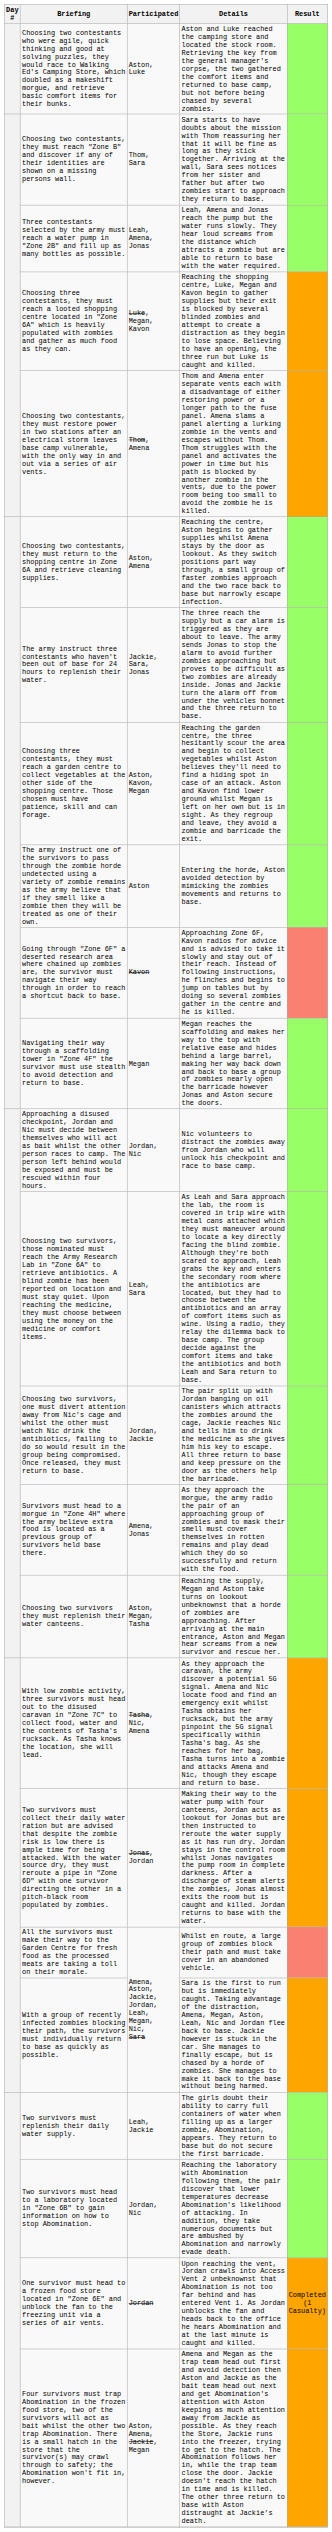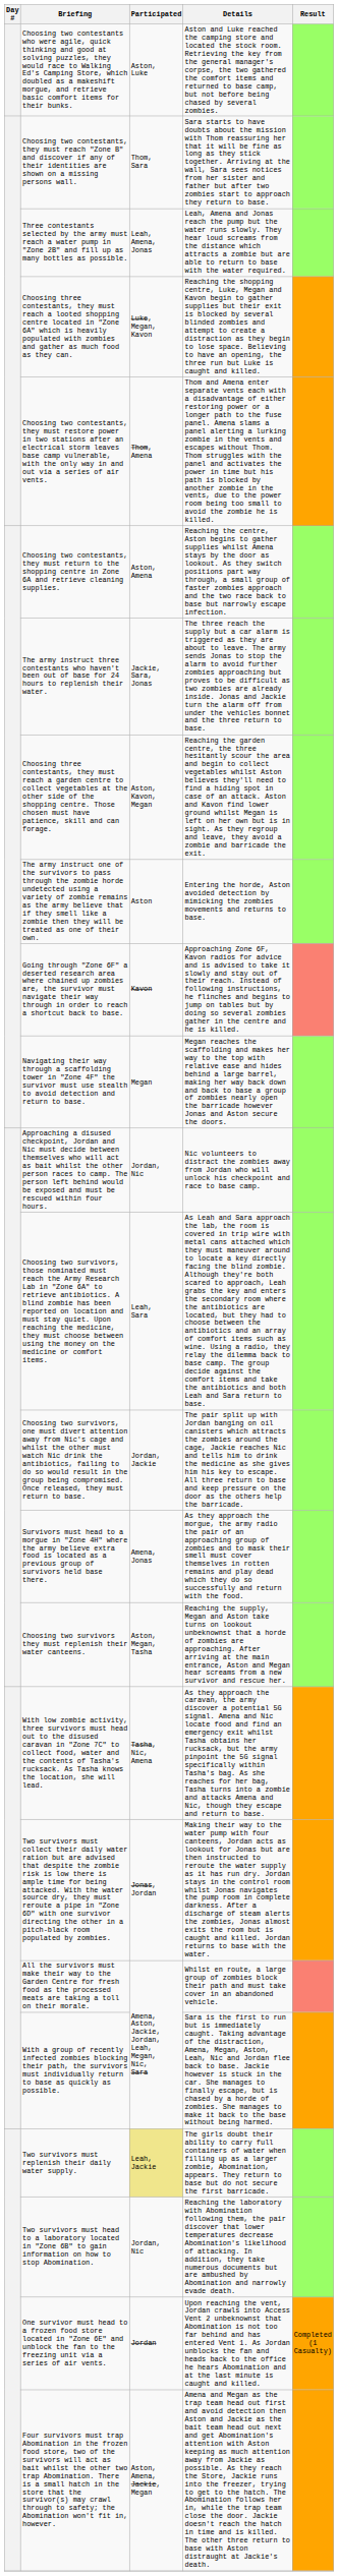 <table class="wikitable">
 <tr>
 <th style="width:5%">Day #</th>
 <th style="width:35%">Briefing</th>
 <th style="width:5%">Participated</th>
 <th style="width:35%">Details</th>
 <th style="width:5%">Result</th>
 </tr>
 <tr>
 <th></th>
 <td>Choosing two contestants who were agile, quick thinking and good at solving puzzles, they would race to Walking Ed's Camping Store, which doubled as a makeshift morgue, and retrieve basic comfort items for their bunks.</td>
 <td>Aston,<br>Luke</td>
 <td>Aston and Luke reached the camping store and located the stock room. Retrieving the key from the general manager's corpse, the two gathered the comfort items and returned to base camp, but not before being chased by several zombies.</td>
 <td style="background:#9f6;"></td>
 </tr>
 <tr>
 <th rowspan=4></th>
 <td>Choosing two contestants, they must reach "Zone B" and discover if any of their identities are shown on a missing persons wall.</td>
 <td>Thom,<br>Sara</td>
 <td>Sara starts to have doubts about the mission with Thom reassuring her that it will be fine as long as they stick together. Arriving at the wall, Sara sees notices from her sister and father but after two zombies start to approach they return to base.</td>
 <td style="background:#9f6;"></td>
 </tr>
 <tr>
 <td>Three contestants selected by the army must reach a water pump in "Zone 2B" and fill up as many bottles as possible.</td>
 <td>Leah,<br>Amena,<br>Jonas</td>
 <td>Leah, Amena and Jonas reach the pump but the water runs slowly. They hear loud screams from the distance which attracts a zombie but are able to return to base with the water required.</td>
 <td style="background:#9f6;"></td>
 </tr>
 <tr>
 <td>Choosing three contestants, they must reach a looted shopping centre located in "Zone 6A" which is heavily populated with zombies and gather as much food as they can.</td>
 <td><s>Luke</s>,<br> Megan,<br>Kavon</td>
 <td>Reaching the shopping centre, Luke, Megan and Kavon begin to gather supplies but their exit is blocked by several blinded zombies and attempt to create a distraction as they begin to lose space. Believing to have an opening, the three run but Luke is caught and killed.</td>
 <td style="background:orange;"></td>
 </tr>
 <tr>
 <td>Choosing two contestants, they must restore power in two stations after an electrical storm leaves base camp vulnerable, with the only way in and out via a series of air vents.</td>
 <td><s>Thom</s>,<br>Amena</td>
 <td>Thom and Amena enter separate vents each with a disadvantage of either restoring power or a longer path to the fuse panel. Amena slams a panel alerting a lurking zombie in the vents and escapes without Thom. Thom struggles with the panel and activates the power in time but his path is blocked by another zombie in the vents, due to the power room being too small to avoid the zombie he is killed.</td>
 <td style="background:orange;"></td>
 </tr>
 <tr>
 <th rowspan=6></th>
 <td>Choosing two contestants, they must return to the shopping centre in Zone 6A and retrieve cleaning supplies.</td>
 <td>Aston,<br>Amena</td>
 <td>Reaching the centre, Aston begins to gather supplies whilst Amena stays by the door as lookout. As they switch positions part way through, a small group of faster zombies approach and the two race back to base but narrowly escape infection.</td>
 <td style="background:#9f6;"></td>
 </tr>
 <tr>
 <td>The army instruct three contestants who haven't been out of base for 24 hours to replenish their water.</td>
 <td>Jackie,<br>Sara,<br>Jonas</td>
 <td>The three reach the supply but a car alarm is triggered as they are about to leave. The army sends Jonas to stop the alarm to avoid further zombies approaching but proves to be difficult as two zombies are already inside. Jonas and Jackie turn the alarm off from under the vehicles bonnet and the three return to base.</td>
 <td style="background:#9f6;"></td>
 </tr>
 <tr>
 <td>Choosing three contestants, they must reach a garden centre to collect vegetables at the other side of the shopping centre. Those chosen must have patience, skill and can forage.</td>
 <td>Aston,<br> Kavon,<br> Megan</td>
 <td>Reaching the garden centre, the three hesitantly scour the area and begin to collect vegetables whilst Aston believes they'll need to find a hiding spot in case of an attack. Aston and Kavon find lower ground whilst Megan is left on her own but is in sight. As they regroup and leave, they avoid a zombie and barricade the exit.</td>
 <td style="background:#9f6;"></td>
 </tr>
 <tr>
 <td>The army instruct one of the survivors to pass through the zombie horde undetected using a variety of zombie remains as the army believe that if they smell like a zombie then they will be treated as one of their own.</td>
 <td>Aston</td>
 <td>Entering the horde, Aston avoided detection by mimicking the zombies movements and returns to base.</td>
 <td style="background:#9f6;"></td>
 </tr>
 <tr>
 <td>Going through "Zone 6F" a deserted research area where chained up zombies are, the survivor must navigate their way through in order to reach a shortcut back to base.</td>
 <td><s>Kavon</s></td>
 <td>Approaching Zone 6F, Kavon radios for advice and is advised to take it slowly and stay out of their reach. Instead of following instructions, he flinches and begins to jump on tables but by doing so several zombies gather in the centre and he is killed.</td>
 <td style="background:salmon;"></td>
 </tr>
 <tr>
 <td>Navigating their way through a scaffolding tower in "Zone 4F" the survivor must use stealth to avoid detection and return to base.</td>
 <td>Megan</td>
 <td>Megan reaches the scaffolding and makes her way to the top with relative ease and hides behind a large barrel, making her way back down and back to base a group of zombies nearly open the barricade however Jonas and Aston secure the doors.</td>
 <td style="background:#9f6;"></td>
 </tr>
 <tr>
 <th rowspan=5></th>
 <td>Approaching a disused checkpoint, Jordan and Nic must decide between themselves who will act as bait whilst the other person races to camp. The person left behind would be exposed and must be rescued within four hours.</td>
 <td>Jordan,<br>Nic</td>
 <td>Nic volunteers to distract the zombies away from Jordan who will unlock his checkpoint and race to base camp.</td>
 <td style="background:#9f6;"></td>
 </tr>
 <tr>
 <td>Choosing two survivors, those nominated must reach the Army Research Lab in "Zone 6A" to retrieve antibiotics. A blind zombie has been reported on location and must stay quiet. Upon reaching the medicine, they must choose between using the money on the medicine or comfort items.</td>
 <td>Leah,<br>Sara</td>
 <td>As Leah and Sara approach the lab, the room is covered in trip wire with metal cans attached which they must maneuver around to locate a key directly facing the blind zombie. Although they're both scared to approach, Leah grabs the key and enters the secondary room where the antibiotics are located, but they had to choose between the antibiotics and an array of comfort items such as wine. Using a radio, they relay the dilemma back to base camp. The group decide against the comfort items and take the antibiotics and both Leah and Sara return to base.</td>
 <td style="background:#9f6;"></td>
 </tr>
 <tr>
 <td>Choosing two survivors, one must divert attention away from Nic's cage and whilst the other must watch Nic drink the antibiotics, failing to do so would result in the group being compromised. Once released, they must return to base.</td>
 <td>Jordan,<br>Jackie</td>
 <td>The pair split up with Jordan banging on oil canisters which attracts the zombies around the cage, Jackie reaches Nic and tells him to drink the medicine as she gives him his key to escape. All three return to base and keep pressure on the door as the others help the barricade.</td>
 <td style="background:#9f6;"></td>
 </tr>
 <tr>
 <td>Survivors must head to a morgue in "Zone 4H" where the army believe extra food is located as a previous group of survivors held base there.</td>
 <td>Amena,<br>Jonas</td>
 <td>As they approach the morgue, the army radio the pair of an approaching group of zombies and to mask their smell must cover themselves in rotten remains and play dead which they do so successfully and return with the food.</td>
 <td style="background:#9f6;"></td>
 </tr>
 <tr>
 <td>Choosing two survivors they must replenish their water canteens.</td>
 <td>Aston,<br>Megan,<br>Tasha</td>
 <td>Reaching the supply, Megan and Aston take turns on lookout unbeknownst that a horde of zombies are approaching. After arriving at the main entrance, Aston and Megan hear screams from a new survivor and rescue her.</td>
 <td style="background:#9f6;"></td>
 </tr>
 <tr>
 <th rowspan=4></th>
 <td>With low zombie activity, three survivors must head out to the disused caravan in "Zone 7C" to collect food, water and the contents of Tasha's rucksack. As Tasha knows the location, she will lead.</td>
 <td><s>Tasha</s>,<br>Nic,<br>Amena</td>
 <td>As they approach the caravan, the army discover a potential 5G signal. Amena and Nic locate food and find an emergency exit whilst Tasha obtains her rucksack, but the army pinpoint the 5G signal specifically within Tasha's bag. As she reaches for her bag, Tasha turns into a zombie and attacks Amena and Nic, though they escape and return to base.</td>
 <td style="background:orange;"></td>
 </tr>
 <tr>
 <td>Two survivors must collect their daily water ration but are advised that despite the zombie risk is low there is ample time for being attacked. With the water source dry, they must reroute a pipe in "Zone 6D" with one survivor directing the other in a pitch-black room populated by zombies.</td>
 <td><s>Jonas</s>,<br>Jordan</td>
 <td>Making their way to the water pump with four canteens, Jordan acts as lookout for Jonas but are then instructed to reroute the water supply as it has run dry. Jordan stays in the control room whilst Jonas navigates the pump room in complete darkness. After a discharge of steam alerts the zombies, Jonas almost exits the room but is caught and killed. Jordan returns to base with the water.</td>
 <td style="background:orange;"></td>
 </tr>
 <tr>
 <td>All the survivors must make their way to the Garden Centre for fresh food as the processed meats are taking a toll on their morale.</td>
 <td rowspan=2>Amena,<br>Aston,<br>Jackie,<br>Jordan,<br>Leah,<br>Megan,<br>Nic,<br><s>Sara</s></td>
 <td>Whilst en route, a large group of zombies block their path and must take cover in an abandoned vehicle.</td>
 <td style="background:salmon;"></td>
 </tr>
 <tr>
 <td>With a group of recently infected zombies blocking their path, the survivors must individually return to base as quickly as possible.</td>
 <td>Sara is the first to run but is immediately caught. Taking advantage of the distraction, Amena, Megan, Aston, Leah, Nic and Jordan flee back to base. Jackie however is stuck in the car. She manages to finally escape, but is chased by a horde of zombies. She manages to make it back to the base without being harmed.</td>
 <td style="background:orange;"></td>
 </tr>
 <tr>
 <th rowspan=4></th>
 <td>Two survivors must replenish their daily water supply.</td>
-<td>Leah,<br>Jackie</td>
+<td style="background: khaki;">Leah,<br>Jackie</td>
 <td>The girls doubt their ability to carry full containers of water when filling up as a larger zombie, Abomination, appears. They return to base but do not secure the first barricade.</td>
 <td style="background:#9f6;"></td>
 </tr>
 <tr>
 <td>Two survivors must head to a laboratory located in "Zone 6B" to gain information on how to stop Abomination.</td>
 <td>Jordan,<br>Nic</td>
 <td>Reaching the laboratory with Abomination following them, the pair discover that lower temperatures decrease Abomination's likelihood of attacking. In addition, they take numerous documents but are ambushed by Abomination and narrowly evade death.</td>
 <td style="background:#9f6;"></td>
 </tr>
 <tr>
 <td>One survivor must head to a frozen food store located in "Zone 6E" and unblock the fan to the freezing unit via a series of air vents.</td>
 <td><s>Jordan</s></td>
 <td>Upon reaching the vent, Jordan crawls into Access Vent 2 unbeknownst that Abomination is not too far behind and has entered Vent 1. As Jordan unblocks the fan and heads back to the office he hears Abomination and at the last minute is caught and killed.</td>
 <td style="background:orange; text-align:center;">Completed<br>(1 Casualty)</td>
 </tr>
 <tr>
 <td>Four survivors must trap Abomination in the frozen food store, two of the survivors will act as bait whilst the other two trap Abomination. There is a small hatch in the store that the survivor(s) may crawl through to safety; the Abomination won't fit in, however.</td>
 <td>Aston,<br>Amena,<br><s>Jackie</s>,<br>Megan</td>
 <td>Amena and Megan as the trap team head out first and avoid detection then Aston and Jackie as the bait team head out next and get Abomination's attention with Aston keeping as much attention away from Jackie as possible. As they reach the Store, Jackie runs into the freezer, trying to get to the hatch. The Abomination follows her in, while the trap team close the door. Jackie doesn't reach the hatch in time and is killed. The other three return to base with Aston distraught at Jackie's death.</td>
 <td style="background:orange;"></td>
 </tr>
 <tr>
 </tr>
 </table>
